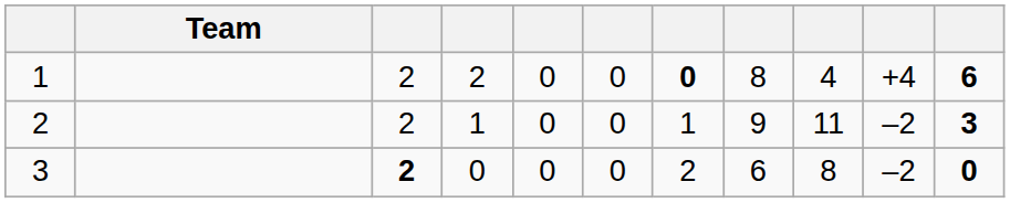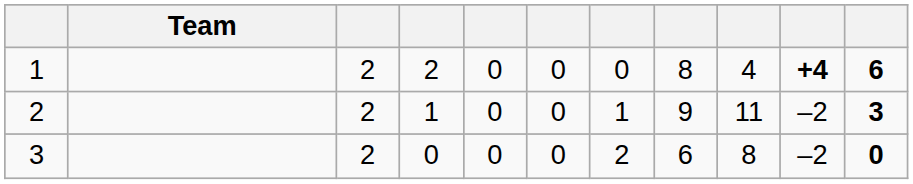 <table class="wikitable" style="text-align: center; font-size: 100%;">
 <tr>
 <th width="30"></th>
 <th width="150">Team</th>
 <th width="30"></th>
 <th width="30"></th>
 <th width="30"></th>
 <th width="30"></th>
 <th width="30"></th>
 <th width="30"></th>
 <th width="30"></th>
 <th width="30"></th>
 <th width="30"></th>
 </tr>
 <tr>
 <td>1</td>
 <td align="left"></td>
 <td>2</td>
 <td>2</td>
 <td>0</td>
 <td>0</td>
-<td><strong>0</strong></td>
+<td>0</td>
 <td>8</td>
 <td>4</td>
-<td>+4</td>
+<td><strong>+4</strong></td>
 <td><strong>6</strong></td>
 </tr>
 <tr>
 <td>2</td>
 <td align="left"></td>
 <td>2</td>
 <td>1</td>
 <td>0</td>
 <td>0</td>
 <td>1</td>
 <td>9</td>
 <td>11</td>
 <td>–2</td>
 <td><strong>3</strong></td>
 </tr>
 <tr>
 <td>3</td>
 <td align="left"></td>
-<td><strong>2</strong></td>
+<td>2</td>
 <td>0</td>
 <td>0</td>
 <td>0</td>
 <td>2</td>
 <td>6</td>
 <td>8</td>
 <td>–2</td>
 <td><strong>0</strong></td>
 </tr>
 </table>
